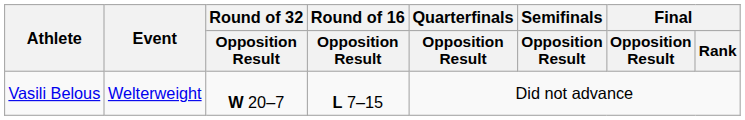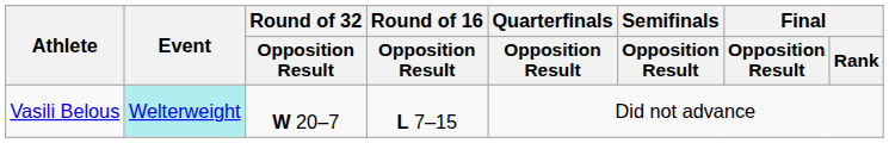 <table class="wikitable" style="font-size:90%">
 <tr>
 <th rowspan="2">Athlete</th>
 <th rowspan="2">Event</th>
 <th>Round of 32</th>
 <th>Round of 16</th>
 <th>Quarterfinals</th>
 <th>Semifinals</th>
 <th colspan=2>Final</th>
 </tr>
 <tr style="font-size:95%">
 <th>Opposition<br>Result</th>
 <th>Opposition<br>Result</th>
 <th>Opposition<br>Result</th>
 <th>Opposition<br>Result</th>
 <th>Opposition<br>Result</th>
 <th>Rank</th>
 </tr>
 <tr align=center>
 <td align=left><a href='#'>Vasili Belous</a></td>
-<td align=left><a href='#'>Welterweight</a></td>
+<td align=left style="background: paleturquoise;"><a href='#'>Welterweight</a></td>
 <td><br><strong>W</strong> 20–7</td>
 <td><br><strong>L</strong> 7–15</td>
 <td colspan=4>Did not advance</td>
 </tr>
 </table>
